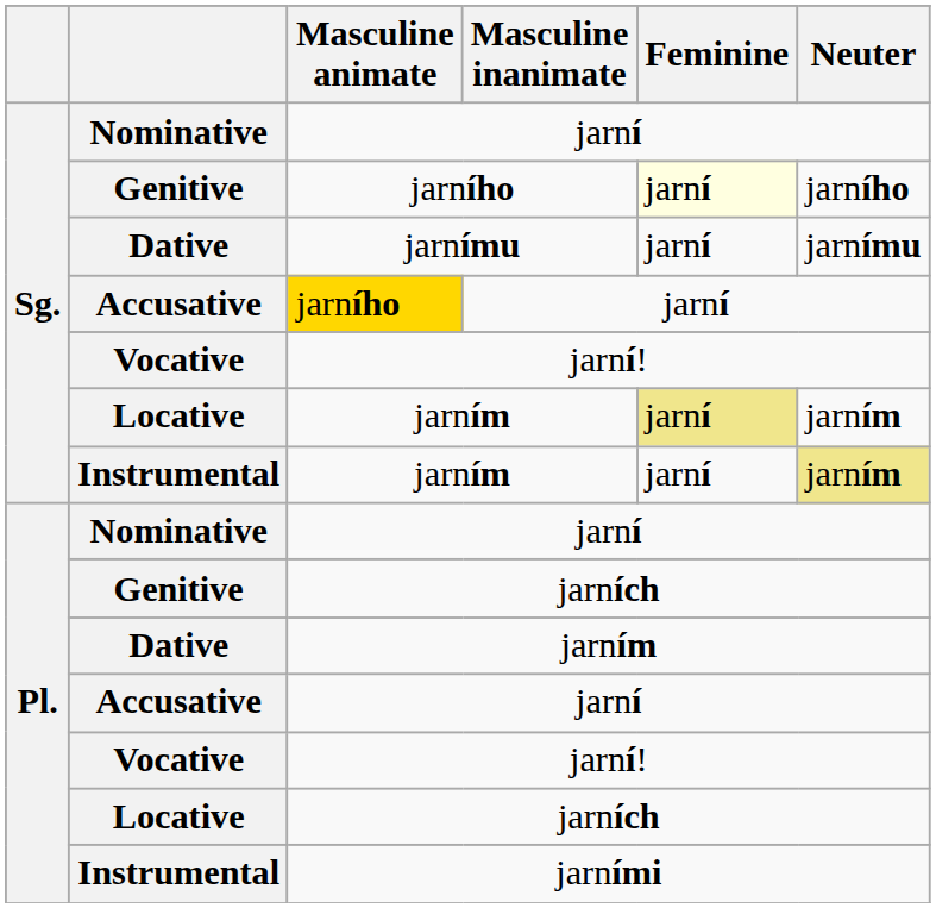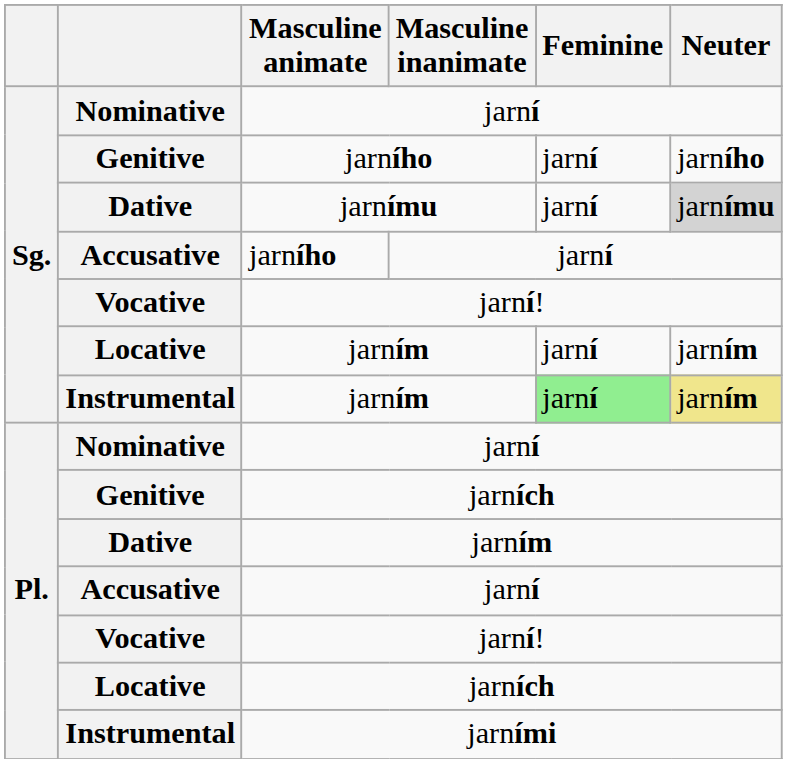 <table class=wikitable>
 <tr>
 <th> </th>
 <th> </th>
 <th>Masculine<br>animate</th>
 <th>Masculine<br>inanimate</th>
 <th>Feminine</th>
 <th>Neuter</th>
 </tr>
 <tr>
 <th rowspan="7">Sg.</th>
 <th>Nominative</th>
 <td colspan=4 align=center>jarn<strong>í</strong></td>
 </tr>
 <tr>
 <th>Genitive</th>
 <td colspan=2 align=center>jarn<strong>ího</strong></td>
-<td style="background: lightyellow;">jarn<strong>í</strong></td>
+<td>jarn<strong>í</strong></td>
 <td>jarn<strong>ího</strong></td>
 </tr>
 <tr>
 <th>Dative</th>
 <td colspan=2 align=center>jarn<strong>ímu</strong></td>
 <td>jarn<strong>í</strong></td>
-<td>jarn<strong>ímu</strong></td>
+<td style="background: lightgrey;">jarn<strong>ímu</strong></td>
 </tr>
 <tr>
 <th>Accusative</th>
-<td style="background: gold;">jarn<strong>ího</strong></td>
+<td>jarn<strong>ího</strong></td>
 <td colspan=3 align=center>jarn<strong>í</strong></td>
 </tr>
 <tr>
 <th>Vocative</th>
 <td colspan=4 align=center>jarn<strong>í</strong>!</td>
 </tr>
 <tr>
 <th>Locative</th>
 <td colspan=2 align=center>jarn<strong>ím</strong></td>
-<td style="background: khaki;">jarn<strong>í</strong></td>
+<td>jarn<strong>í</strong></td>
 <td>jarn<strong>ím</strong></td>
 </tr>
 <tr>
 <th>Instrumental</th>
 <td colspan=2 align=center>jarn<strong>ím</strong></td>
-<td>jarn<strong>í</strong></td>
+<td style="background: lightgreen;">jarn<strong>í</strong></td>
 <td style="background: khaki;">jarn<strong>ím</strong></td>
 </tr>
 <tr>
 <th rowspan="7">Pl.</th>
 <th>Nominative</th>
 <td colspan=4 align=center>jarn<strong>í</strong></td>
 </tr>
 <tr>
 <th>Genitive</th>
 <td colspan=4 align=center>jarn<strong>ích</strong></td>
 </tr>
 <tr>
 <th>Dative</th>
 <td colspan=4 align=center>jarn<strong>ím</strong></td>
 </tr>
 <tr>
 <th>Accusative</th>
 <td colspan=4 align=center>jarn<strong>í</strong></td>
 </tr>
 <tr>
 <th>Vocative</th>
 <td colspan=4 align=center>jarn<strong>í</strong>!</td>
 </tr>
 <tr>
 <th>Locative</th>
 <td colspan=4 align=center>jarn<strong>ích</strong></td>
 </tr>
 <tr>
 <th>Instrumental</th>
 <td colspan=4 align=center>jarn<strong>ími</strong></td>
 </tr>
 </table>
